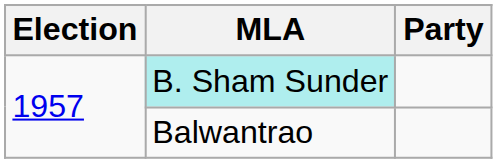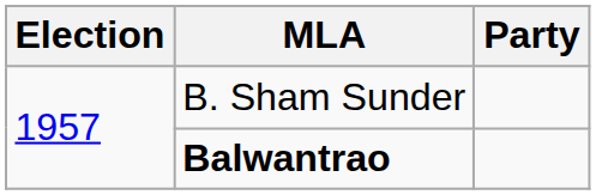 <table class="wikitable sortable">
 <tr>
 <th>Election</th>
 <th>MLA</th>
 <th colspan=2>Party</th>
 </tr>
 <tr>
 <td rowspan="2"><a href='#'>1957</a></td>
-<td style="background: paleturquoise;">B. Sham Sunder</td>
+<td>B. Sham Sunder</td>
 <td></td>
 </tr>
 <tr>
-<td>Balwantrao</td>
+<td><strong>Balwantrao</strong></td>
 </tr>
 </table>
